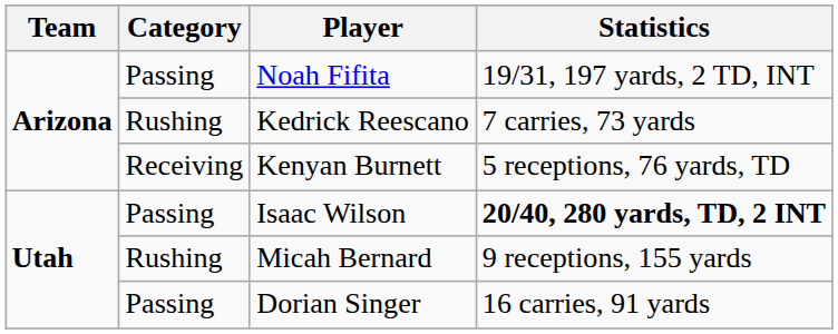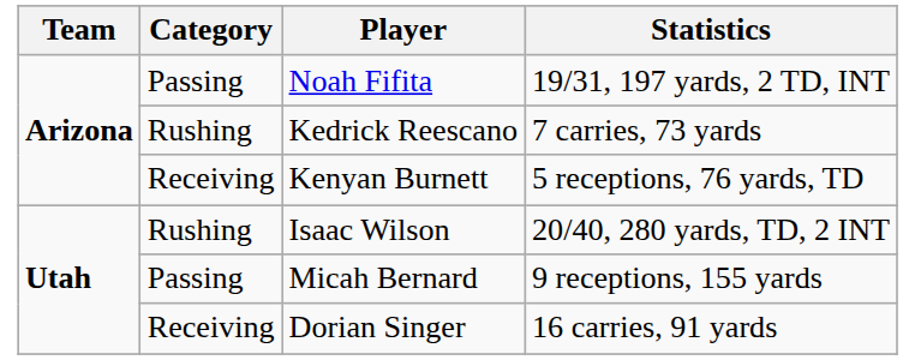 <table class="wikitable" style="float: right;">
 <tr>
 <th>Team</th>
 <th>Category</th>
 <th>Player</th>
 <th>Statistics</th>
 </tr>
 <tr>
 <td rowspan=3><strong>Arizona</strong></td>
 <td>Passing</td>
 <td><a href='#'>Noah Fifita</a></td>
 <td>19/31, 197 yards, 2 TD, INT</td>
 </tr>
 <tr>
 <td>Rushing</td>
 <td>Kedrick Reescano</td>
 <td>7 carries, 73 yards</td>
 </tr>
 <tr>
 <td>Receiving</td>
 <td>Kenyan Burnett</td>
 <td>5 receptions, 76 yards, TD</td>
 </tr>
 <tr>
 <td rowspan=3><strong>Utah</strong></td>
-<td>Passing</td>
+<td>Rushing</td>
 <td>Isaac Wilson</td>
-<td><strong>20/40, 280 yards, TD, 2 INT</strong></td>
+<td>20/40, 280 yards, TD, 2 INT</td>
 </tr>
 <tr>
-<td>Rushing</td>
+<td>Passing</td>
 <td>Micah Bernard</td>
 <td>9 receptions, 155 yards</td>
 </tr>
 <tr>
-<td>Passing</td>
+<td>Receiving</td>
 <td>Dorian Singer</td>
 <td>16 carries, 91 yards</td>
 </tr>
 </table>
